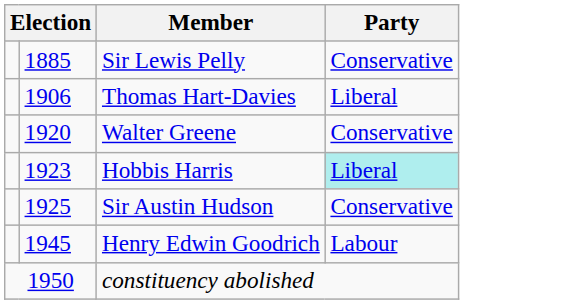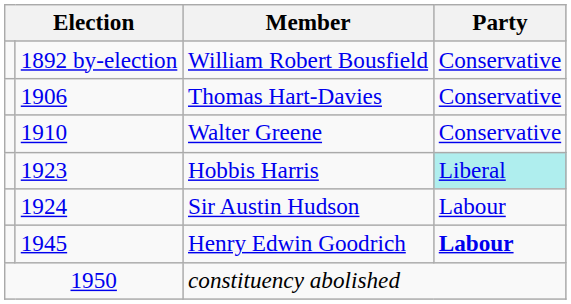 <table class="wikitable">
 <tr>
 <th colspan="2">Election</th>
 <th>Member</th>
 <th>Party</th>
 </tr>
 <tr>
 <td style="color:inherit;background-color: "></td>
-<td><a href='#'>1885</a></td>
-<td><a href='#'>Sir Lewis Pelly</a></td>
+<td><a href='#'>1892 by-election</a></td>
+<td><a href='#'>William Robert Bousfield</a></td>
 <td><a href='#'>Conservative</a></td>
 </tr>
 <tr>
 <td style="color:inherit;background-color: "></td>
 <td><a href='#'>1906</a></td>
 <td><a href='#'>Thomas Hart-Davies</a></td>
-<td><a href='#'>Liberal</a></td>
+<td><a href='#'>Conservative</a></td>
 </tr>
 <tr>
 <td style="color:inherit;background-color: "></td>
-<td><a href='#'>1920</a></td>
+<td><a href='#'>1910</a></td>
 <td><a href='#'>Walter Greene</a></td>
 <td><a href='#'>Conservative</a></td>
 </tr>
 <tr>
 <td style="color:inherit;background-color: "></td>
 <td><a href='#'>1923</a></td>
 <td><a href='#'>Hobbis Harris</a></td>
 <td style="background: paleturquoise;"><a href='#'>Liberal</a></td>
 </tr>
 <tr>
 <td style="color:inherit;background-color: "></td>
-<td><a href='#'>1925</a></td>
+<td><a href='#'>1924</a></td>
 <td><a href='#'>Sir Austin Hudson</a></td>
-<td><a href='#'>Conservative</a></td>
+<td><a href='#'>Labour</a></td>
 </tr>
 <tr>
 <td style="color:inherit;background-color: "></td>
 <td><a href='#'>1945</a></td>
 <td><a href='#'>Henry Edwin Goodrich</a></td>
-<td><a href='#'>Labour</a></td>
+<td><strong><a href='#'>Labour</a></strong></td>
 </tr>
 <tr>
 <td colspan="2" align="center"><a href='#'>1950</a></td>
 <td colspan="2"><em>constituency abolished</em></td>
 </tr>
 </table>
